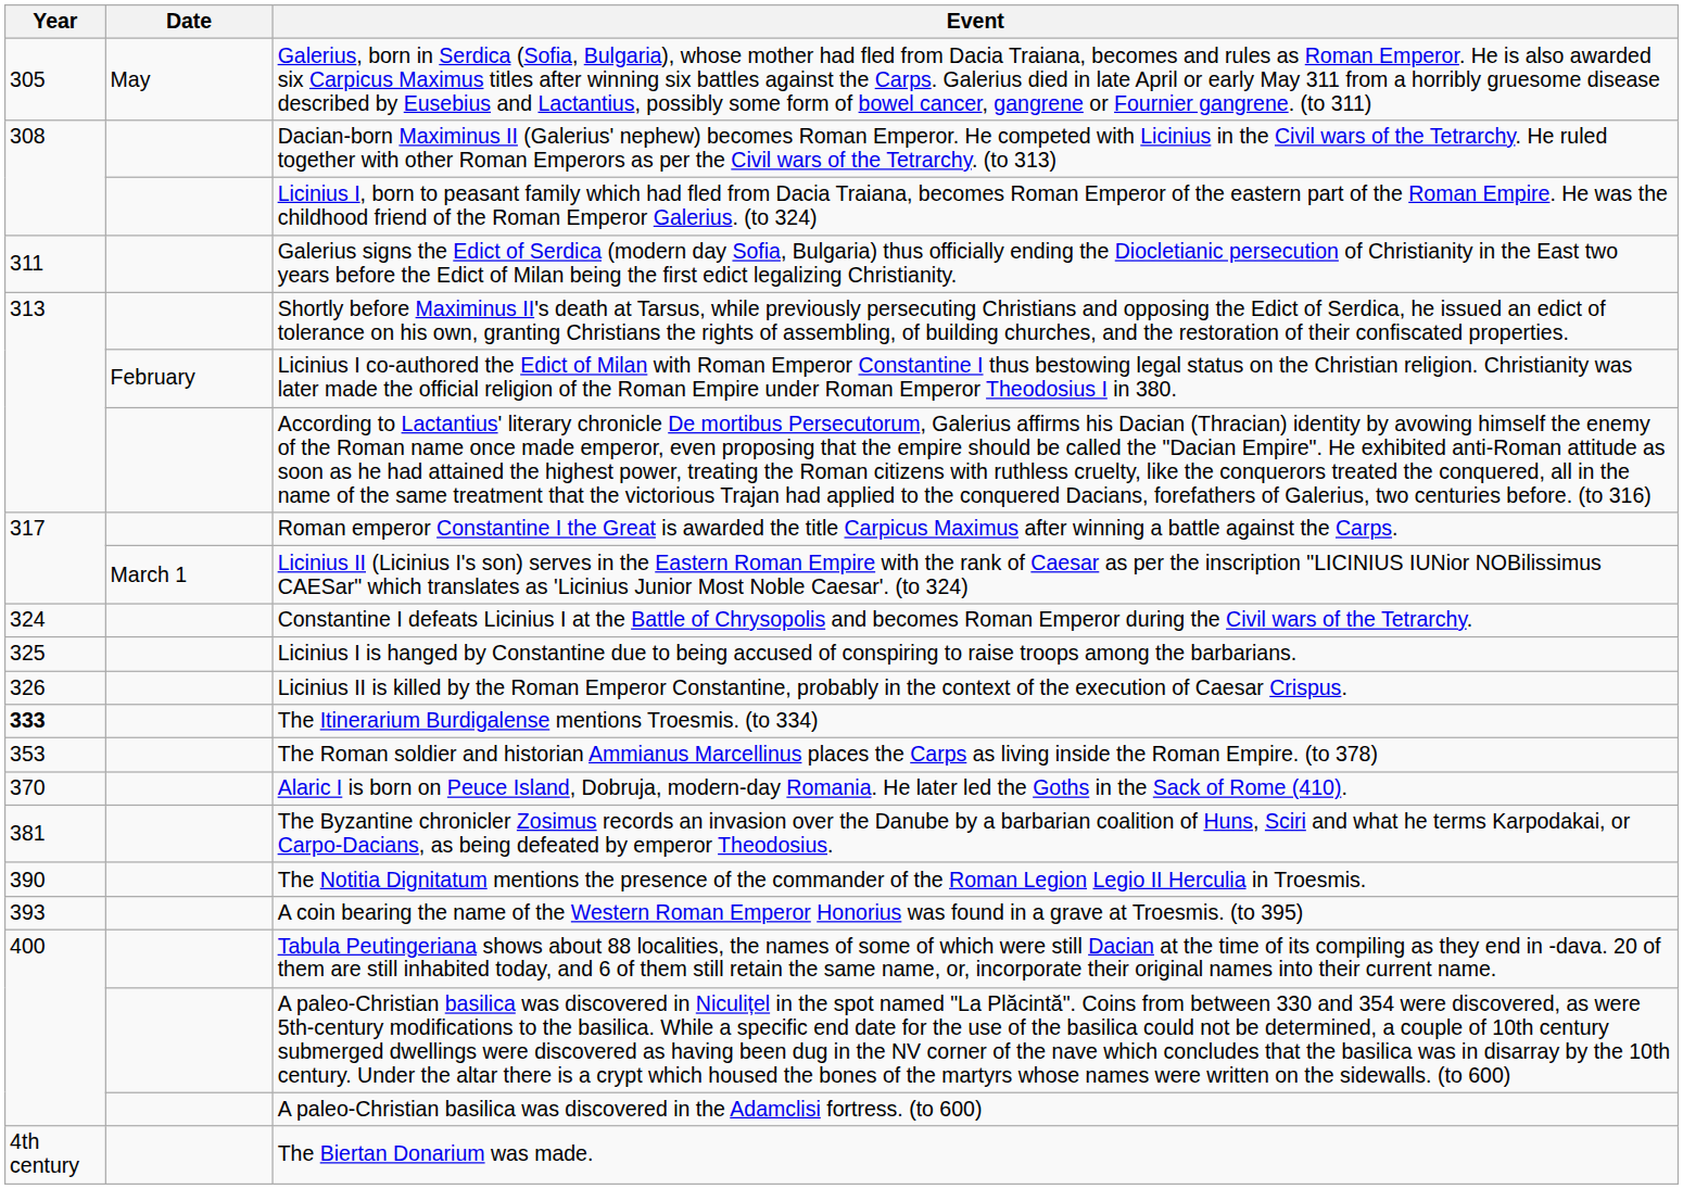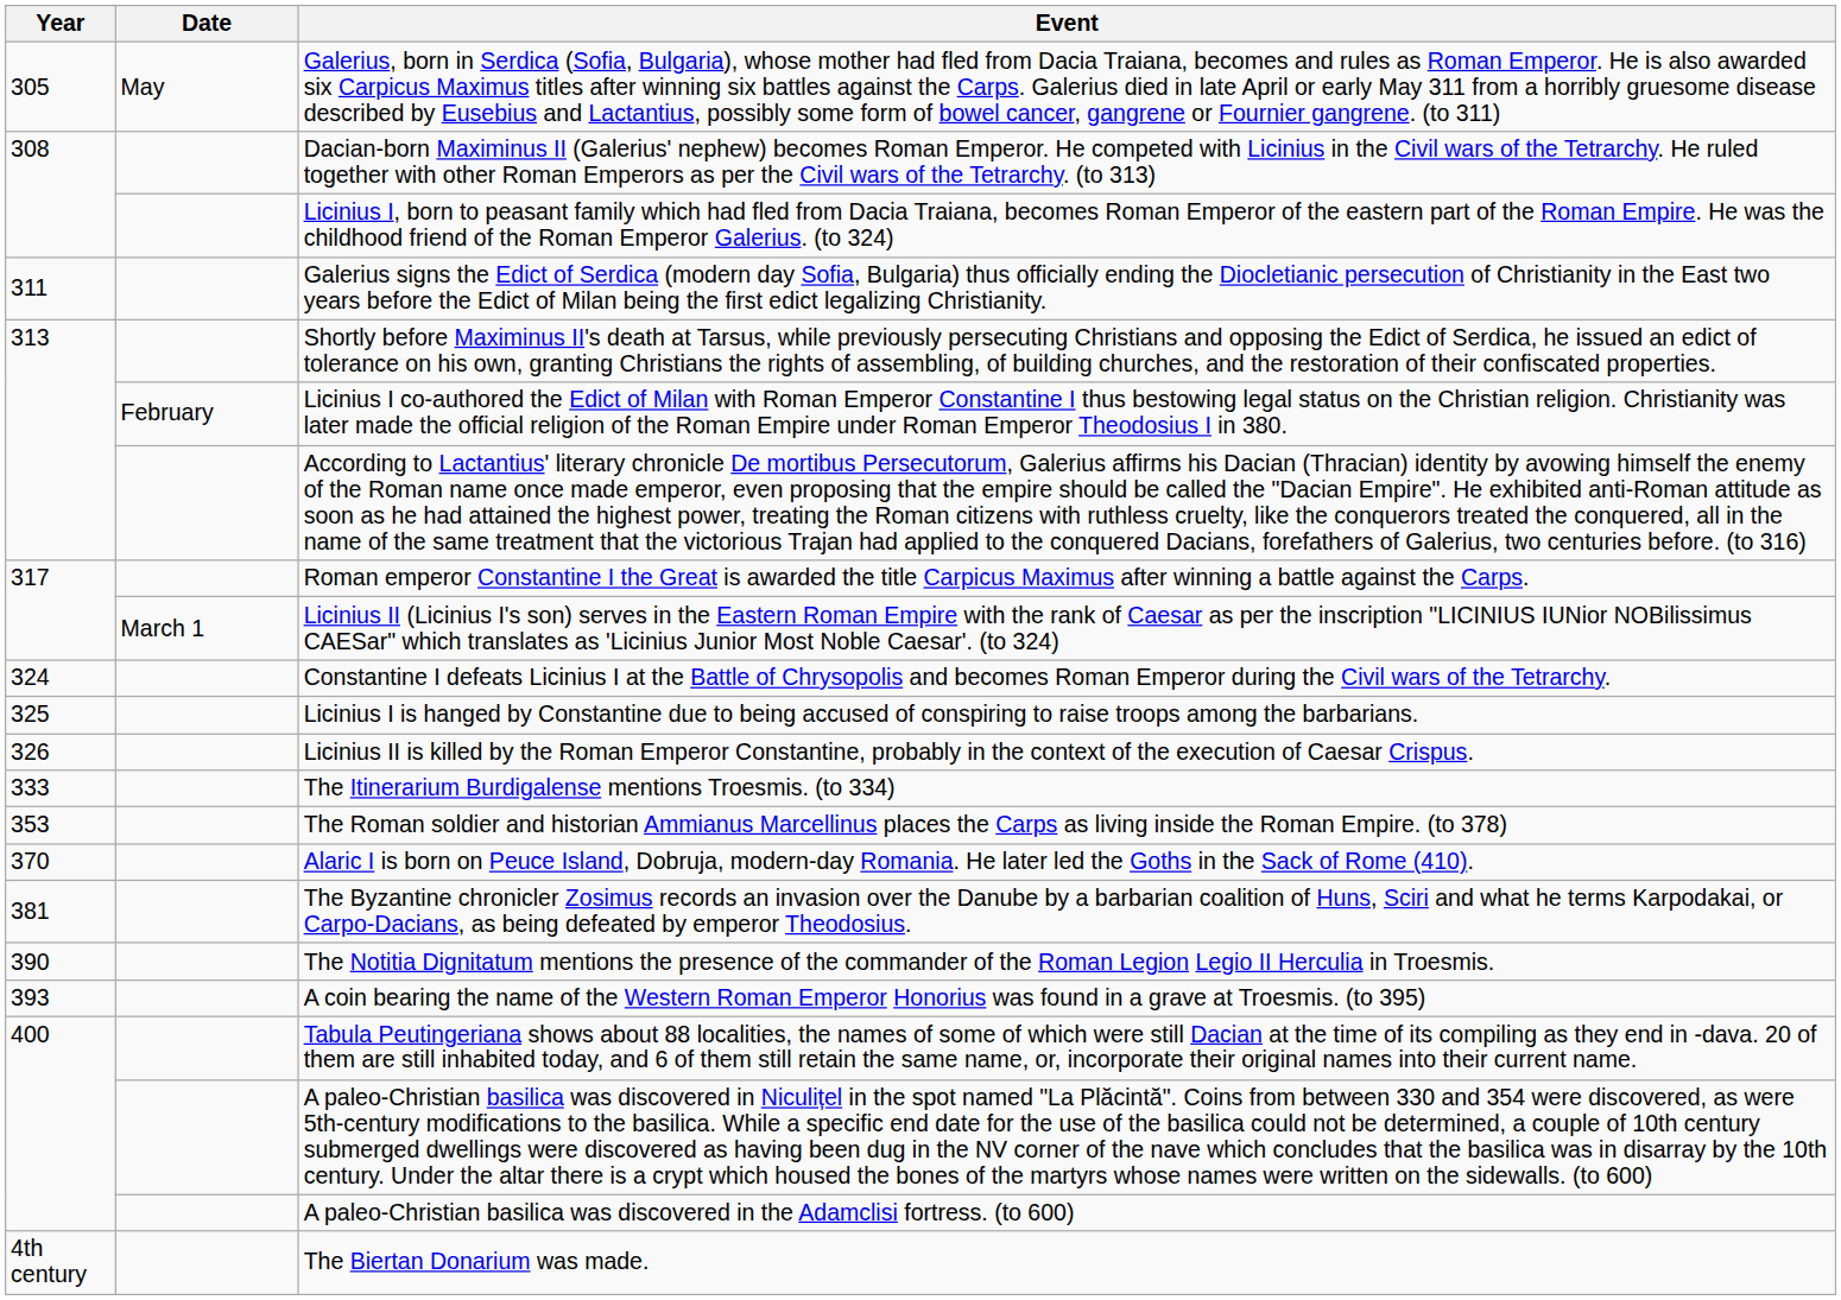 <table class="wikitable" width="100%">
 <tr>
 <th style="width:6%">Year</th>
 <th style="width:10%">Date</th>
 <th>Event</th>
 </tr>
 <tr>
 <td>305</td>
 <td>May</td>
 <td><a href='#'>Galerius</a>, born in <a href='#'>Serdica</a> (<a href='#'>Sofia</a>, <a href='#'>Bulgaria</a>), whose mother had fled from Dacia Traiana, becomes and rules as <a href='#'>Roman Emperor</a>. He is also awarded six <a href='#'>Carpicus Maximus</a> titles after winning six battles against the <a href='#'>Carps</a>. Galerius died in late April or early May 311 from a horribly gruesome disease described by <a href='#'>Eusebius</a> and <a href='#'>Lactantius</a>, possibly some form of <a href='#'>bowel cancer</a>, <a href='#'>gangrene</a> or <a href='#'>Fournier gangrene</a>. (to 311)</td>
 </tr>
 <tr>
 <td rowspan="2" valign="top">308</td>
 <td></td>
 <td>Dacian-born <a href='#'>Maximinus II</a> (Galerius' nephew) becomes Roman Emperor. He competed with <a href='#'>Licinius</a> in the <a href='#'>Civil wars of the Tetrarchy</a>. He ruled together with other Roman Emperors as per the <a href='#'>Civil wars of the Tetrarchy</a>. (to 313)</td>
 </tr>
 <tr>
 <td></td>
 <td><a href='#'>Licinius I</a>, born to peasant family which had fled from Dacia Traiana, becomes Roman Emperor of the eastern part of the <a href='#'>Roman Empire</a>. He was the childhood friend of the Roman Emperor <a href='#'>Galerius</a>. (to 324)</td>
 </tr>
 <tr>
 <td>311</td>
 <td></td>
 <td>Galerius signs the <a href='#'>Edict of Serdica</a> (modern day <a href='#'>Sofia</a>, Bulgaria) thus officially ending the <a href='#'>Diocletianic persecution</a> of Christianity in the East two years before the Edict of Milan being the first edict legalizing Christianity.</td>
 </tr>
 <tr>
 <td rowspan="3" valign="top">313</td>
 <td></td>
 <td>Shortly before <a href='#'>Maximinus II</a>'s death at Tarsus, while previously persecuting Christians and opposing the Edict of Serdica, he issued an edict of tolerance on his own, granting Christians the rights of assembling, of building churches, and the restoration of their confiscated properties.</td>
 </tr>
 <tr>
 <td>February</td>
 <td>Licinius I co-authored the <a href='#'>Edict of Milan</a> with Roman Emperor <a href='#'>Constantine I</a> thus bestowing legal status on the Christian religion. Christianity was later made the official religion of the Roman Empire under Roman Emperor <a href='#'>Theodosius I</a> in 380.</td>
 </tr>
 <tr>
 <td></td>
 <td>According to <a href='#'>Lactantius</a>' literary chronicle <a href='#'>De mortibus Persecutorum</a>, Galerius affirms his Dacian (Thracian) identity by avowing himself the enemy of the Roman name once made emperor, even proposing that the empire should be called the "Dacian Empire". He exhibited anti-Roman attitude as soon as he had attained the highest power, treating the Roman citizens with ruthless cruelty, like the conquerors treated the conquered, all in the name of the same treatment that the victorious Trajan had applied to the conquered Dacians, forefathers of Galerius, two centuries before. (to 316)</td>
 </tr>
 <tr>
 <td rowspan="2" valign="top">317</td>
 <td></td>
 <td>Roman emperor <a href='#'>Constantine I the Great</a> is awarded the title <a href='#'>Carpicus Maximus</a> after winning a battle against the <a href='#'>Carps</a>.</td>
 </tr>
 <tr>
 <td>March 1</td>
 <td><a href='#'>Licinius II</a> (Licinius I's son) serves in the <a href='#'>Eastern Roman Empire</a> with the rank of <a href='#'>Caesar</a> as per the inscription "LICINIUS IUNior NOBilissimus CAESar" which translates as 'Licinius Junior Most Noble Caesar'. (to 324)</td>
 </tr>
 <tr>
 <td>324</td>
 <td></td>
 <td>Constantine I defeats Licinius I at the <a href='#'>Battle of Chrysopolis</a> and becomes Roman Emperor during the <a href='#'>Civil wars of the Tetrarchy</a>.</td>
 </tr>
 <tr>
 <td>325</td>
 <td></td>
 <td>Licinius I is hanged by Constantine due to being accused of conspiring to raise troops among the barbarians.</td>
 </tr>
 <tr>
 <td>326</td>
 <td></td>
 <td>Licinius II is killed by the Roman Emperor Constantine, probably in the context of the execution of Caesar <a href='#'>Crispus</a>.</td>
 </tr>
 <tr>
-<td><strong>333</strong></td>
+<td>333</td>
 <td></td>
 <td>The <a href='#'>Itinerarium Burdigalense</a> mentions Troesmis. (to 334)</td>
 </tr>
 <tr>
 <td>353</td>
 <td></td>
 <td>The Roman soldier and historian <a href='#'>Ammianus Marcellinus</a> places the <a href='#'>Carps</a> as living inside the Roman Empire. (to 378)</td>
 </tr>
 <tr>
 <td>370</td>
 <td></td>
 <td><a href='#'>Alaric I</a> is born on <a href='#'>Peuce Island</a>, Dobruja, modern-day <a href='#'>Romania</a>. He later led the <a href='#'>Goths</a> in the <a href='#'>Sack of Rome (410)</a>.</td>
 </tr>
 <tr>
 <td>381</td>
 <td></td>
 <td>The Byzantine chronicler <a href='#'>Zosimus</a> records an invasion over the Danube by a barbarian coalition of <a href='#'>Huns</a>, <a href='#'>Sciri</a> and what he terms Karpodakai, or <a href='#'>Carpo-Dacians</a>, as being defeated by emperor <a href='#'>Theodosius</a>.</td>
 </tr>
 <tr>
 <td>390</td>
 <td></td>
 <td>The <a href='#'>Notitia Dignitatum</a> mentions the presence of the commander of the <a href='#'>Roman Legion</a> <a href='#'>Legio II Herculia</a> in Troesmis.</td>
 </tr>
 <tr>
 <td>393</td>
 <td></td>
 <td>A coin bearing the name of the <a href='#'>Western Roman Emperor</a> <a href='#'>Honorius</a> was found in a grave at Troesmis. (to 395)</td>
 </tr>
 <tr>
 <td rowspan="3" valign="top">400</td>
 <td></td>
 <td><a href='#'>Tabula Peutingeriana</a> shows about 88 localities, the names of some of which were still <a href='#'>Dacian</a> at the time of its compiling as they end in -dava. 20 of them are still inhabited today, and 6 of them still retain the same name, or, incorporate their original names into their current name.</td>
 </tr>
 <tr>
 <td></td>
 <td>A paleo-Christian <a href='#'>basilica</a> was discovered in <a href='#'>Niculițel</a> in the spot named "La Plăcintă". Coins from between 330 and 354 were discovered, as were 5th-century modifications to the basilica. While a specific end date for the use of the basilica could not be determined, a couple of 10th century submerged dwellings were discovered as having been dug in the NV corner of the nave which concludes that the basilica was in disarray by the 10th century. Under the altar there is a crypt which housed the bones of the martyrs whose names were written on the sidewalls. (to 600)</td>
 </tr>
 <tr>
 <td></td>
 <td>A paleo-Christian basilica was discovered in the <a href='#'>Adamclisi</a> fortress. (to 600)</td>
 </tr>
 <tr>
 <td>4th century</td>
 <td></td>
 <td>The <a href='#'>Biertan Donarium</a> was made.</td>
 </tr>
 </table>
